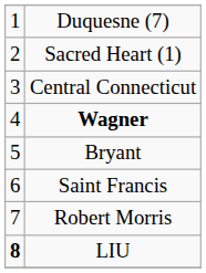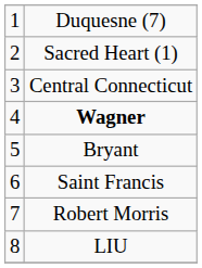 <table class="wikitable">
 <tr align="center">
 </tr>
 <tr align="center">
 <td>1</td>
 <td>Duquesne (7)</td>
 </tr>
 <tr align="center">
 <td>2</td>
 <td>Sacred Heart (1)</td>
 </tr>
 <tr align="center">
 <td>3</td>
 <td>Central Connecticut</td>
 </tr>
 <tr align="center">
 <td>4</td>
 <td><strong>Wagner</strong></td>
 </tr>
 <tr align="center">
 <td>5</td>
 <td>Bryant</td>
 </tr>
 <tr align="center">
 <td>6</td>
 <td>Saint Francis</td>
 </tr>
 <tr align="center">
 <td>7</td>
 <td>Robert Morris</td>
 </tr>
 <tr align="center">
-<td><strong>8</strong></td>
+<td>8</td>
 <td>LIU</td>
 </tr>
 <tr>
 </tr>
 </table>
